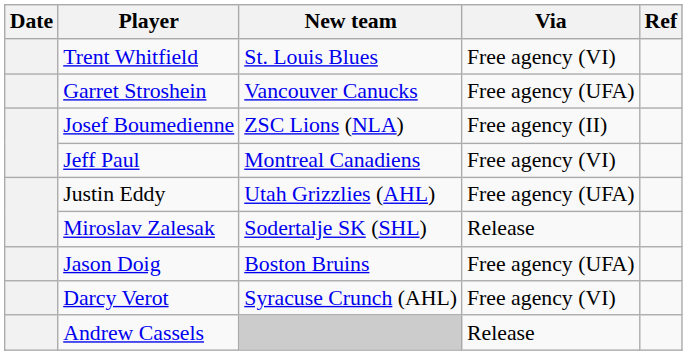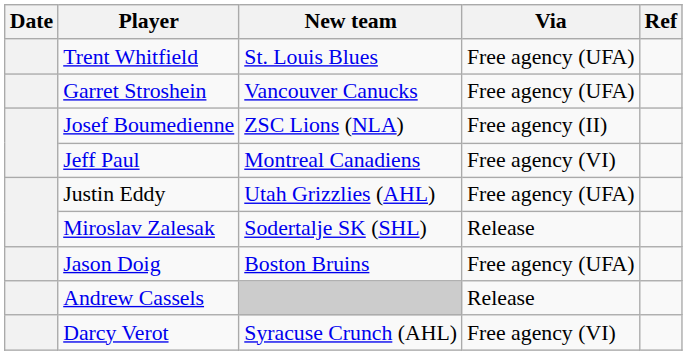 <table class="wikitable plainrowheaders">
 <tr style="background:#ddd; text-align:center;">
 <th>Date</th>
 <th>Player</th>
 <th>New team</th>
 <th>Via</th>
 <th>Ref</th>
 </tr>
 <tr>
 <th scope="row"></th>
 <td><a href='#'>Trent Whitfield</a></td>
 <td><a href='#'>St. Louis Blues</a></td>
-<td>Free agency (VI)</td>
+<td>Free agency (UFA)</td>
 <td></td>
 </tr>
 <tr>
 <th scope="row"></th>
 <td><a href='#'>Garret Stroshein</a></td>
 <td><a href='#'>Vancouver Canucks</a></td>
 <td>Free agency (UFA)</td>
 <td></td>
 </tr>
 <tr>
 <th scope="row" rowspan=2></th>
 <td><a href='#'>Josef Boumedienne</a></td>
 <td><a href='#'>ZSC Lions</a> (<a href='#'>NLA</a>)</td>
 <td>Free agency (II)</td>
 <td></td>
 </tr>
 <tr>
 <td><a href='#'>Jeff Paul</a></td>
 <td><a href='#'>Montreal Canadiens</a></td>
 <td>Free agency (VI)</td>
 <td></td>
 </tr>
 <tr>
 <th scope="row" rowspan=2></th>
 <td>Justin Eddy</td>
 <td><a href='#'>Utah Grizzlies</a> (<a href='#'>AHL</a>)</td>
 <td>Free agency (UFA)</td>
 <td></td>
 </tr>
 <tr>
 <td><a href='#'>Miroslav Zalesak</a></td>
 <td><a href='#'>Sodertalje SK</a> (<a href='#'>SHL</a>)</td>
 <td>Release</td>
 <td></td>
 </tr>
 <tr>
 <th scope="row"></th>
 <td><a href='#'>Jason Doig</a></td>
 <td><a href='#'>Boston Bruins</a></td>
 <td>Free agency (UFA)</td>
 <td></td>
 </tr>
 <tr>
 <th scope="row"></th>
+<td><a href='#'>Andrew Cassels</a></td>
+<td style="background:#ccc"></td>
+<td>Release</td>
+<td></td>
+</tr>
+<tr>
+<th scope="row"></th>
 <td><a href='#'>Darcy Verot</a></td>
 <td><a href='#'>Syracuse Crunch</a> (AHL)</td>
 <td>Free agency (VI)</td>
 <td></td>
 </tr>
-<tr>
-<th scope="row"></th>
-<td><a href='#'>Andrew Cassels</a></td>
-<td style="background:#ccc"></td>
-<td>Release</td>
-<td></td>
-</tr>
 </table>
